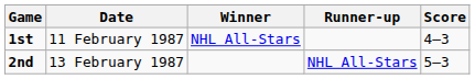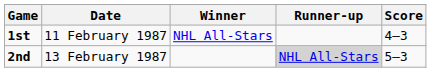 <table class="wikitable">
 <tr>
 </tr>
 <tr>
 <th>Game</th>
 <th>Date</th>
 <th>Winner</th>
 <th>Runner-up</th>
 <th>Score</th>
 </tr>
 <tr>
 <td><strong>1st</strong></td>
 <td>11 February 1987</td>
 <td><a href='#'>NHL All-Stars</a></td>
 <td></td>
 <td>4–3</td>
 </tr>
 <tr>
 <td><strong>2nd</strong></td>
 <td>13 February 1987</td>
 <td></td>
-<td><a href='#'>NHL All-Stars</a></td>
+<td style="background: lightgrey;"><a href='#'>NHL All-Stars</a></td>
 <td>5–3</td>
 </tr>
 </table>
